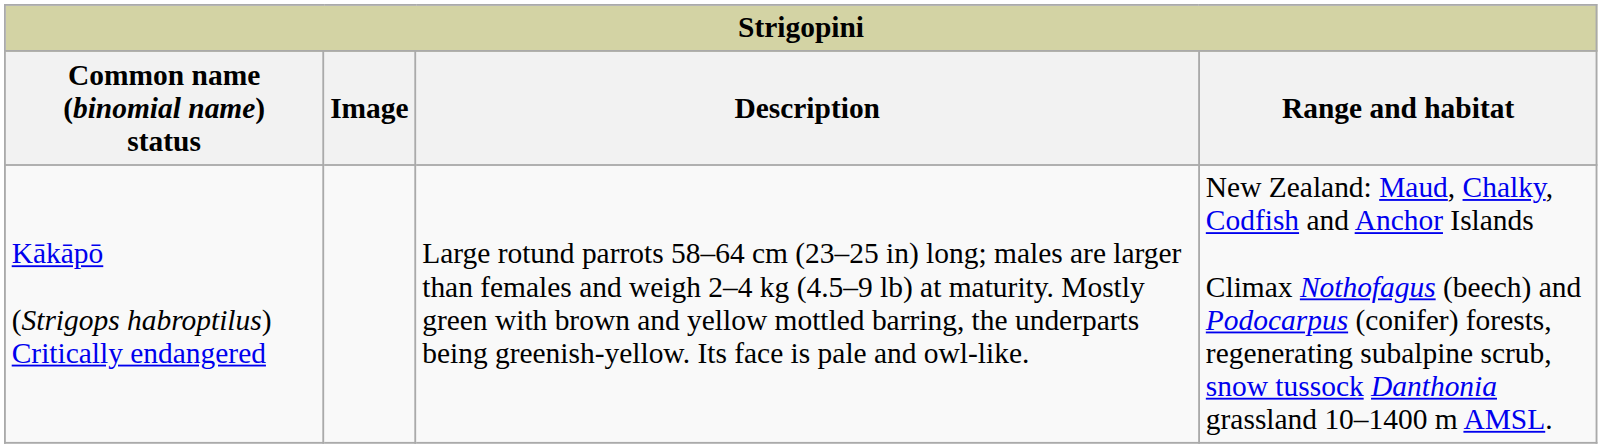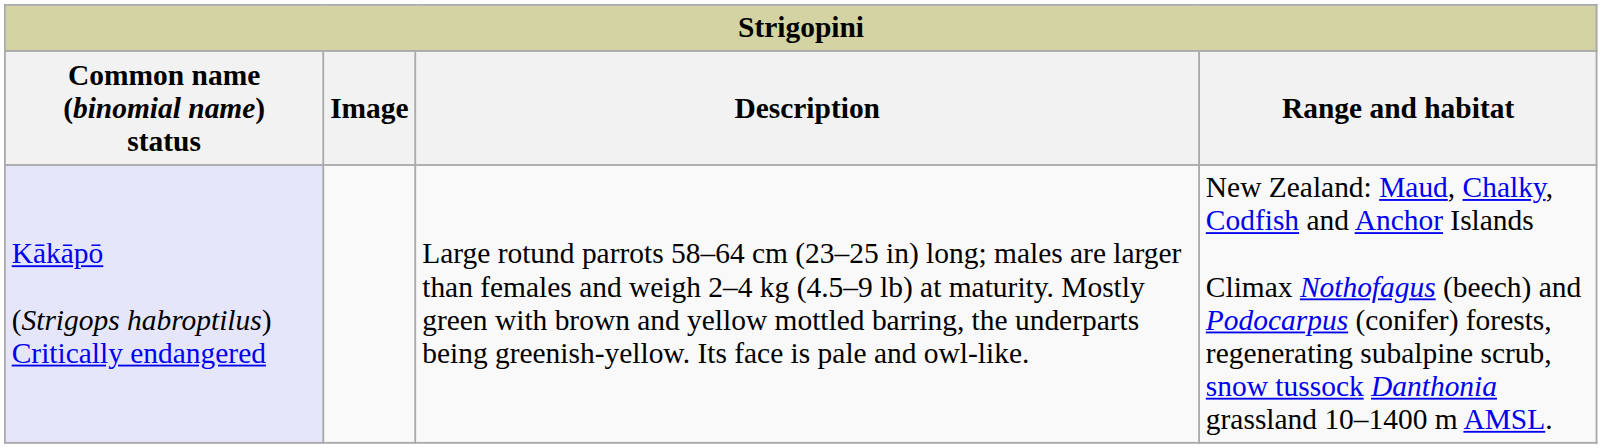 <table style="width:98%;" class="wikitable" border="1">
 <tr>
 <th align="center" style="background-color: #D3D3A4" colspan ="4"><strong>Strigopini</strong></th>
 </tr>
 <tr>
 <th width = "20%">Common name<br>(<em>binomial name</em>)<br>status</th>
 <th>Image</th>
 <th align="center">Description</th>
 <th width = "25%">Range and habitat</th>
 </tr>
 <tr>
-<td><a href='#'>Kākāpō</a><br><br>(<em>Strigops habroptilus</em>)<br> <a href='#'>Critically endangered</a></td>
+<td style="background: lavender;"><a href='#'>Kākāpō</a><br><br>(<em>Strigops habroptilus</em>)<br> <a href='#'>Critically endangered</a></td>
 <td></td>
 <td>Large rotund parrots 58–64 cm (23–25 in) long; males are larger than females and weigh 2–4 kg (4.5–9 lb) at maturity. Mostly green with brown and yellow mottled barring, the underparts being greenish-yellow. Its face is pale and owl-like.</td>
 <td>New Zealand: <a href='#'>Maud</a>, <a href='#'>Chalky</a>, <a href='#'>Codfish</a> and <a href='#'>Anchor</a> Islands<br> <br>Climax <em><a href='#'>Nothofagus</a></em> (beech) and <em><a href='#'>Podocarpus</a></em> (conifer) forests, regenerating subalpine scrub, <a href='#'>snow tussock</a> <em><a href='#'>Danthonia</a></em> grassland 10–1400 m <a href='#'>AMSL</a>.</td>
 </tr>
 </table>
